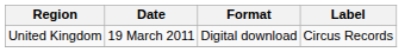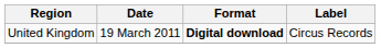 <table class=wikitable>
 <tr>
 <th>Region</th>
 <th>Date</th>
 <th>Format</th>
 <th>Label</th>
 </tr>
 <tr>
 <td>United Kingdom</td>
 <td>19 March 2011</td>
-<td>Digital download</td>
+<td><strong>Digital download</strong></td>
 <td>Circus Records</td>
 </tr>
 <tr>
 </tr>
 </table>
